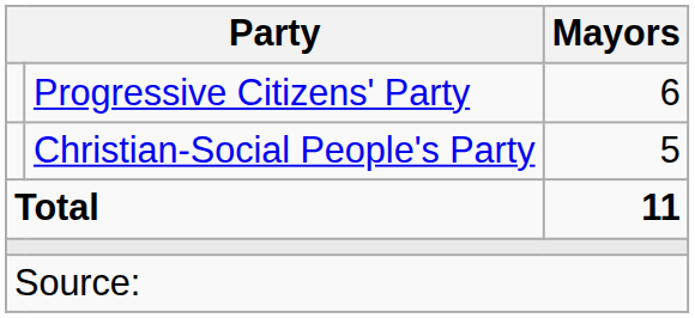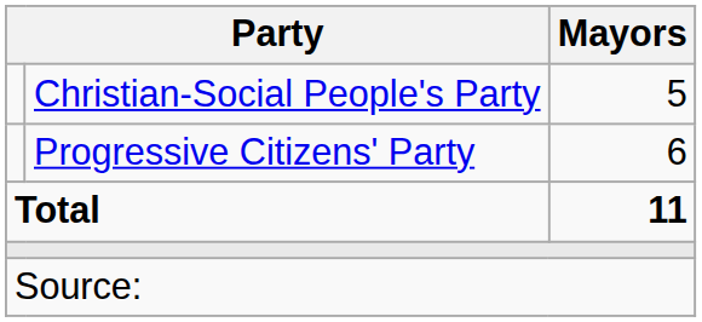 <table class="wikitable" style="text-align:right">
 <tr>
 <th colspan="2">Party</th>
 <th>Mayors</th>
 </tr>
 <tr>
 <td width="1"></td>
-<td align="left"><a href='#'>Progressive Citizens' Party</a></td>
-<td>6</td>
+<td align="left"><a href='#'>Christian-Social People's Party</a></td>
+<td>5</td>
 </tr>
 <tr>
 <td width="1"></td>
-<td align="left"><a href='#'>Christian-Social People's Party</a></td>
-<td>5</td>
+<td align="left"><a href='#'>Progressive Citizens' Party</a></td>
+<td>6</td>
 </tr>
 <tr>
 <td colspan="2" align="left"><strong>Total</strong></td>
 <td><strong>11</strong></td>
 </tr>
 <tr>
 <td colspan="3" style="color:inherit;background:#E9E9E9"></td>
 </tr>
 <tr>
 <td colspan="3" align="left">Source: </td>
 </tr>
 </table>
